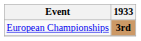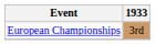 <table class="wikitable">
 <tr>
 <th>Event</th>
 <th>1933</th>
 </tr>
 <tr>
 <td><a href='#'>European Championships</a></td>
-<td align="center" bgcolor="cc9966"><strong>3rd</strong></td>
+<td align="center" bgcolor="cc9966">3rd</td>
 </tr>
 <tr>
 </tr>
 </table>
